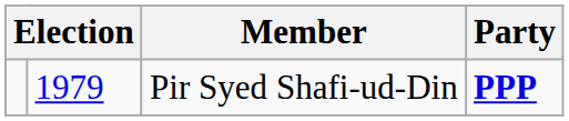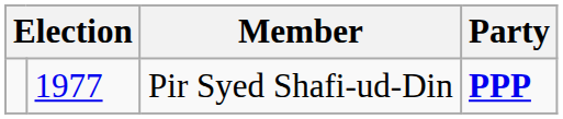 <table class="wikitable">
 <tr>
 <th colspan="2">Election</th>
 <th>Member</th>
 <th>Party</th>
 </tr>
 <tr>
 <td style="background-color: "></td>
-<td><a href='#'>1979</a></td>
+<td><a href='#'>1977</a></td>
 <td>Pir Syed Shafi-ud-Din</td>
 <td><strong><a href='#'>PPP</a></strong></td>
 </tr>
 </table>
